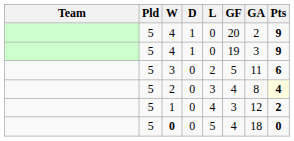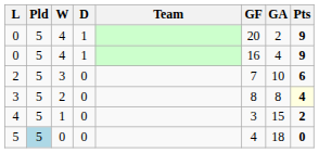 <table class=wikitable style="text-align:center">
 <tr>
-<th width=175>Team</th>
+<th width=20>L</th>
 <th width=20>Pld</th>
 <th width=20>W</th>
 <th width=20>D</th>
-<th width=20>L</th>
+<th width=175>Team</th>
 <th width=20>GF</th>
 <th width=20>GA</th>
 <th width=20>Pts</th>
 </tr>
 <tr>
-<td align=left style="background:#ccffcc;"></td>
+<td>0</td>
 <td>5</td>
 <td>4</td>
 <td>1</td>
-<td>0</td>
+<td align=left style="background:#ccffcc;"></td>
 <td>20</td>
 <td>2</td>
 <td><strong>9</strong></td>
 </tr>
 <tr>
-<td align=left style="background:#ccffcc;"></td>
+<td>0</td>
 <td>5</td>
 <td>4</td>
 <td>1</td>
-<td>0</td>
-<td>19</td>
-<td>3</td>
+<td align=left style="background:#ccffcc;"></td>
+<td>16</td>
+<td>4</td>
 <td><strong>9</strong></td>
 </tr>
 <tr>
-<td align=left></td>
+<td>2</td>
 <td>5</td>
 <td>3</td>
 <td>0</td>
-<td>2</td>
-<td>5</td>
-<td>11</td>
+<td align=left></td>
+<td>7</td>
+<td>10</td>
 <td><strong>6</strong></td>
 </tr>
 <tr>
-<td align=left></td>
+<td>3</td>
 <td>5</td>
 <td>2</td>
 <td>0</td>
-<td>3</td>
-<td>4</td>
+<td align=left></td>
+<td>8</td>
 <td>8</td>
 <td style="background: lightyellow;"><strong>4</strong></td>
 </tr>
 <tr>
-<td align=left></td>
+<td>4</td>
 <td>5</td>
 <td>1</td>
 <td>0</td>
-<td>4</td>
+<td align=left></td>
 <td>3</td>
-<td>12</td>
+<td>15</td>
 <td><strong>2</strong></td>
 </tr>
 <tr>
+<td>5</td>
+<td style="background: lightblue;">5</td>
+<td>0</td>
+<td>0</td>
 <td align=left></td>
-<td>5</td>
-<td><strong>0</strong></td>
-<td>0</td>
-<td>5</td>
 <td>4</td>
 <td>18</td>
 <td><strong>0</strong></td>
 </tr>
 </table>
